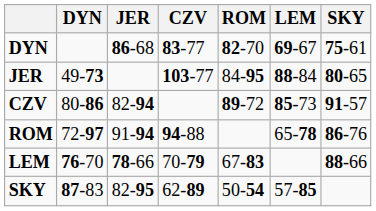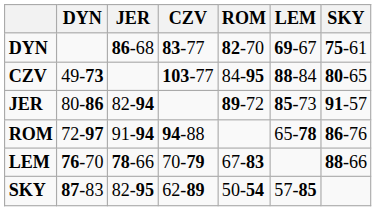 <table class="wikitable">
 <tr>
 <th></th>
 <th> DYN</th>
 <th> JER</th>
 <th> CZV</th>
 <th> ROM</th>
 <th> LEM</th>
 <th> SKY</th>
 </tr>
 <tr>
 <td> <strong>DYN</strong></td>
 <td></td>
 <td><strong>86</strong>-68</td>
 <td><strong>83</strong>-77</td>
 <td><strong>82</strong>-70</td>
 <td><strong>69</strong>-67</td>
 <td><strong>75</strong>-61</td>
 </tr>
 <tr>
-<td> <strong>JER</strong></td>
+<td> <strong>CZV</strong></td>
 <td>49-<strong>73</strong></td>
 <td></td>
 <td><strong>103</strong>-77</td>
 <td>84-<strong>95</strong></td>
 <td><strong>88</strong>-84</td>
 <td><strong>80</strong>-65</td>
 </tr>
 <tr>
-<td> <strong>CZV</strong></td>
+<td> <strong>JER</strong></td>
 <td>80-<strong>86</strong></td>
 <td>82-<strong>94</strong></td>
 <td></td>
 <td><strong>89</strong>-72</td>
 <td><strong>85</strong>-73</td>
 <td><strong>91</strong>-57</td>
 </tr>
 <tr>
 <td> <strong>ROM</strong></td>
 <td>72-<strong>97</strong></td>
 <td>91-<strong>94</strong></td>
 <td><strong>94</strong>-88</td>
 <td></td>
 <td>65-<strong>78</strong></td>
 <td><strong>86</strong>-76</td>
 </tr>
 <tr>
 <td> <strong>LEM</strong></td>
 <td><strong>76</strong>-70</td>
 <td><strong>78</strong>-66</td>
 <td>70-<strong>79</strong></td>
 <td>67-<strong>83</strong></td>
 <td></td>
 <td><strong>88</strong>-66</td>
 </tr>
 <tr>
 <td> <strong>SKY</strong></td>
 <td><strong>87</strong>-83</td>
 <td>82-<strong>95</strong></td>
 <td>62-<strong>89</strong></td>
 <td>50-<strong>54</strong></td>
 <td>57-<strong>85</strong></td>
 <td></td>
 </tr>
 </table>
